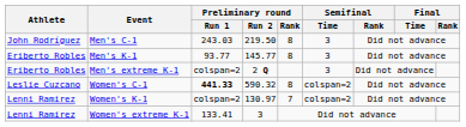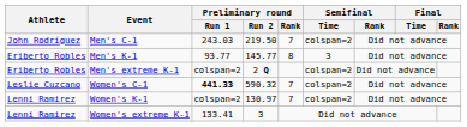 <table class=wikitable style=font-size:90%;text-align:center>
 <tr>
 <th rowspan=2>Athlete</th>
 <th rowspan=2>Event</th>
 <th colspan=3>Preliminary round</th>
 <th colspan=2>Semifinal</th>
 <th colspan=2>Final</th>
 </tr>
 <tr style=font-size:95%>
 <th>Run 1</th>
 <th>Run 2</th>
 <th>Rank</th>
 <th>Time</th>
 <th>Rank</th>
 <th>Time</th>
 <th>Rank</th>
 </tr>
 <tr>
 <td style="text-align:left"><a href='#'>John Rodríguez</a></td>
 <td style="text-align:left"><a href='#'>Men's C-1</a></td>
 <td>243.03</td>
 <td>219.50</td>
-<td>8</td>
-<td>3</td>
+<td>7</td>
+<td>colspan=2 </td>
 <td colspan=4>Did not advance</td>
 </tr>
 <tr>
 <td style="text-align:left"><a href='#'>Eriberto Robles</a></td>
 <td style="text-align:left"><a href='#'>Men's K-1</a></td>
 <td>93.77</td>
 <td>145.77</td>
 <td>8</td>
 <td>3</td>
 <td colspan=4>Did not advance</td>
 </tr>
 <tr>
 <td style="text-align:left"><a href='#'>Eriberto Robles</a></td>
 <td style="text-align:left"><a href='#'>Men's extreme K-1</a></td>
 <td>colspan=2 </td>
 <td>2 <strong>Q</strong></td>
 <td></td>
-<td>3</td>
+<td>colspan=2 </td>
 <td colspan=2>Did not advance</td>
 </tr>
 <tr>
 <td style="text-align:left"><a href='#'>Leslie Cuzcano</a></td>
 <td style="text-align:left"><a href='#'>Women's C-1</a></td>
 <td><strong>441.33</strong></td>
 <td>590.32</td>
-<td>8</td>
+<td>7</td>
 <td>colspan=2 </td>
 <td colspan=4>Did not advance</td>
 </tr>
 <tr>
 <td style="text-align:left"><a href='#'>Lenni Ramirez</a></td>
 <td style="text-align:left"><a href='#'>Women's K-1</a></td>
 <td>colspan=2 </td>
 <td>130.97</td>
 <td>7</td>
 <td>colspan=2 </td>
 <td colspan=4>Did not advance</td>
 </tr>
 <tr>
 <td style="text-align:left"><a href='#'>Lenni Ramirez</a></td>
 <td style="text-align:left"><a href='#'>Women's extreme K-1</a></td>
 <td>133.41</td>
 <td>3</td>
 <td colspan=4>Did not advance</td>
 </tr>
 </table>
